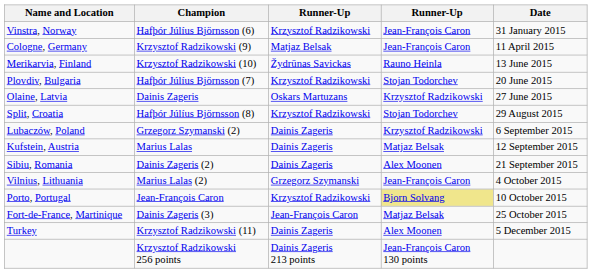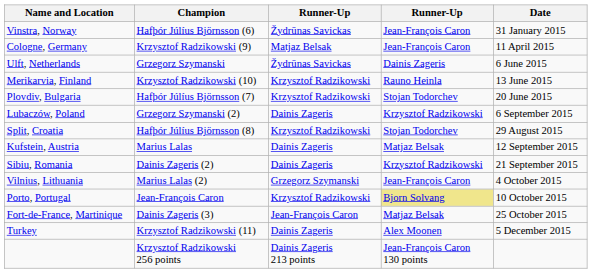 <table class="wikitable" style="display: inline-table;width: 100%;">
 <tr>
 <th scope="col">Name and Location</th>
 <th scope="col">Champion</th>
 <th scope="col">Runner-Up</th>
 <th scope="col">Runner-Up</th>
 <th scope="col">Date</th>
 </tr>
 <tr>
 <td> <a href='#'>Vinstra</a>, <a href='#'>Norway</a><br> </td>
 <td> <a href='#'>Hafþór Júlíus Björnsson</a> (6)</td>
-<td> <a href='#'>Krzysztof Radzikowski</a></td>
+<td> <a href='#'>Žydrūnas Savickas</a></td>
 <td> <a href='#'>Jean-François Caron</a></td>
 <td>31 January 2015</td>
 </tr>
 <tr>
 <td> <a href='#'>Cologne</a>, <a href='#'>Germany</a><br> </td>
 <td> <a href='#'>Krzysztof Radzikowski</a> (9)</td>
 <td> <a href='#'>Matjaz Belsak</a></td>
 <td> <a href='#'>Jean-François Caron</a></td>
 <td>11 April 2015</td>
 </tr>
 <tr>
+<td> <a href='#'>Ulft</a>, <a href='#'>Netherlands</a><br> </td>
+<td> <a href='#'>Grzegorz Szymanski</a></td>
+<td> <a href='#'>Žydrūnas Savickas</a></td>
+<td> <a href='#'>Dainis Zageris</a></td>
+<td>6 June 2015</td>
+</tr>
+<tr>
 <td> <a href='#'>Merikarvia</a>, <a href='#'>Finland</a><br> </td>
 <td> <a href='#'>Krzysztof Radzikowski</a> (10)</td>
-<td> <a href='#'>Žydrūnas Savickas</a></td>
+<td> <a href='#'>Krzysztof Radzikowski</a></td>
 <td> <a href='#'>Rauno Heinla</a></td>
 <td>13 June 2015</td>
 </tr>
 <tr>
 <td> <a href='#'>Plovdiv</a>, <a href='#'>Bulgaria</a><br> </td>
 <td> <a href='#'>Hafþór Júlíus Björnsson</a> (7)</td>
 <td> <a href='#'>Krzysztof Radzikowski</a></td>
 <td> <a href='#'>Stojan Todorchev</a></td>
 <td>20 June 2015</td>
 </tr>
 <tr>
-<td> <a href='#'>Olaine</a>, <a href='#'>Latvia</a><br> </td>
+<td> <a href='#'>Lubaczów</a>, <a href='#'>Poland</a><br> </td>
+<td> <a href='#'>Grzegorz Szymanski</a> (2)</td>
 <td> <a href='#'>Dainis Zageris</a></td>
-<td> <a href='#'>Oskars Martuzans</a></td>
 <td> <a href='#'>Krzysztof Radzikowski</a></td>
-<td>27 June 2015</td>
+<td>6 September 2015</td>
 </tr>
 <tr>
 <td> <a href='#'>Split</a>, <a href='#'>Croatia</a><br> </td>
 <td> <a href='#'>Hafþór Júlíus Björnsson</a> (8)</td>
 <td> <a href='#'>Krzysztof Radzikowski</a></td>
 <td> <a href='#'>Stojan Todorchev</a></td>
 <td>29 August 2015</td>
-</tr>
-<tr>
-<td> <a href='#'>Lubaczów</a>, <a href='#'>Poland</a><br> </td>
-<td> <a href='#'>Grzegorz Szymanski</a> (2)</td>
-<td> <a href='#'>Dainis Zageris</a></td>
-<td> <a href='#'>Krzysztof Radzikowski</a></td>
-<td>6 September 2015</td>
 </tr>
 <tr>
 <td> <a href='#'>Kufstein</a>, <a href='#'>Austria</a><br> </td>
 <td> <a href='#'>Marius Lalas</a></td>
 <td> <a href='#'>Dainis Zageris</a></td>
 <td> <a href='#'>Matjaz Belsak</a></td>
 <td>12 September 2015</td>
 </tr>
 <tr>
 <td> <a href='#'>Sibiu</a>, <a href='#'>Romania</a><br> </td>
 <td> <a href='#'>Dainis Zageris</a> (2)</td>
 <td> <a href='#'>Dainis Zageris</a></td>
-<td> <a href='#'>Alex Moonen</a></td>
+<td> <a href='#'>Krzysztof Radzikowski</a></td>
 <td>21 September 2015</td>
 </tr>
 <tr>
 <td> <a href='#'>Vilnius</a>, <a href='#'>Lithuania</a> <br> </td>
 <td> <a href='#'>Marius Lalas</a> (2)</td>
 <td> <a href='#'>Grzegorz Szymanski</a></td>
 <td> <a href='#'>Jean-François Caron</a></td>
 <td>4 October 2015</td>
 </tr>
 <tr>
 <td> <a href='#'>Porto</a>, <a href='#'>Portugal</a><br> </td>
 <td> <a href='#'>Jean-François Caron</a></td>
 <td> <a href='#'>Krzysztof Radzikowski</a></td>
 <td style="background: khaki;"> <a href='#'>Bjorn Solvang</a></td>
 <td>10 October 2015</td>
 </tr>
 <tr>
 <td> <a href='#'>Fort-de-France</a>, <a href='#'>Martinique</a><br> </td>
 <td> <a href='#'>Dainis Zageris</a> (3)</td>
 <td> <a href='#'>Jean-François Caron</a></td>
 <td> <a href='#'>Matjaz Belsak</a></td>
 <td>25 October 2015</td>
 </tr>
 <tr>
 <td> <a href='#'>Turkey</a><br> </td>
 <td> <a href='#'>Krzysztof Radzikowski</a> (11)</td>
 <td> <a href='#'>Dainis Zageris</a></td>
 <td> <a href='#'>Alex Moonen</a></td>
 <td>5 December 2015</td>
 </tr>
 <tr>
 <td></td>
 <td> <a href='#'>Krzysztof Radzikowski</a><br> 256 points</td>
 <td> <a href='#'>Dainis Zageris</a><br> 213 points</td>
 <td>  <a href='#'>Jean-François Caron</a><br> 130 points</td>
 <td></td>
 </tr>
 </table>
